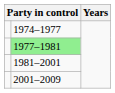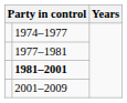 <table class="wikitable">
 <tr>
 <th colspan="2">Party in control</th>
 <th>Years</th>
 </tr>
 <tr>
 <td></td>
 <td>1974–1977</td>
 </tr>
 <tr>
 <td></td>
-<td style="background: lightgreen;">1977–1981</td>
+<td>1977–1981</td>
 </tr>
 <tr>
 <td></td>
-<td>1981–2001</td>
+<td><strong>1981–2001</strong></td>
 </tr>
 <tr>
 <td></td>
 <td>2001–2009</td>
 </tr>
 </table>
